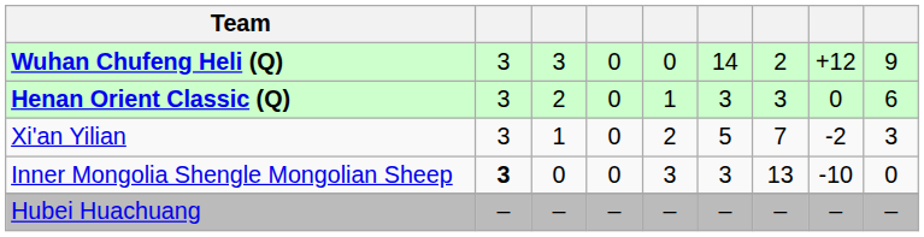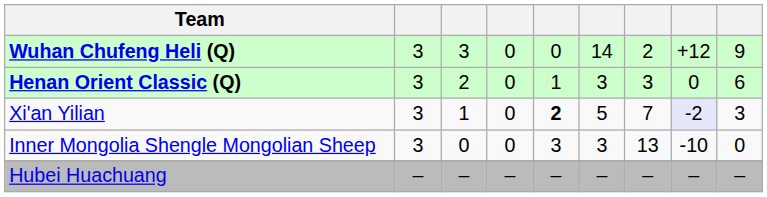 <table class="wikitable" style="text-align:center;">
 <tr>
 <th width=310>Team</th>
 <th width=30></th>
 <th width=30></th>
 <th width=30></th>
 <th width=30></th>
 <th width=30></th>
 <th width=30></th>
 <th width=30></th>
 <th width=30></th>
 </tr>
 <tr bgcolor="#ccffcc">
 <td align="left"><strong><a href='#'>Wuhan Chufeng Heli</a> (Q)</strong></td>
 <td>3</td>
 <td>3</td>
 <td>0</td>
 <td>0</td>
 <td>14</td>
 <td>2</td>
 <td>+12</td>
 <td>9</td>
 </tr>
 <tr bgcolor="#ccffcc">
 <td align="left"><strong><a href='#'>Henan Orient Classic</a> (Q)</strong></td>
 <td>3</td>
 <td>2</td>
 <td>0</td>
 <td>1</td>
 <td>3</td>
 <td>3</td>
 <td>0</td>
 <td>6</td>
 </tr>
 <tr>
 <td align="left"><a href='#'>Xi'an Yilian</a></td>
 <td>3</td>
 <td>1</td>
 <td>0</td>
-<td>2</td>
+<td><strong>2</strong></td>
 <td>5</td>
 <td>7</td>
-<td>-2</td>
+<td style="background: lavender;">-2</td>
 <td>3</td>
 </tr>
 <tr>
 <td align="left"><a href='#'>Inner Mongolia Shengle Mongolian Sheep</a></td>
-<td><strong>3</strong></td>
+<td>3</td>
 <td>0</td>
 <td>0</td>
 <td>3</td>
 <td>3</td>
 <td>13</td>
 <td>-10</td>
 <td>0</td>
 </tr>
 <tr>
 </tr>
 <tr bgcolor=#bbb>
 <td align="left"><a href='#'>Hubei Huachuang</a></td>
 <td>–</td>
 <td>–</td>
 <td>–</td>
 <td>–</td>
 <td>–</td>
 <td>–</td>
 <td>–</td>
 <td>–</td>
 </tr>
 </table>
